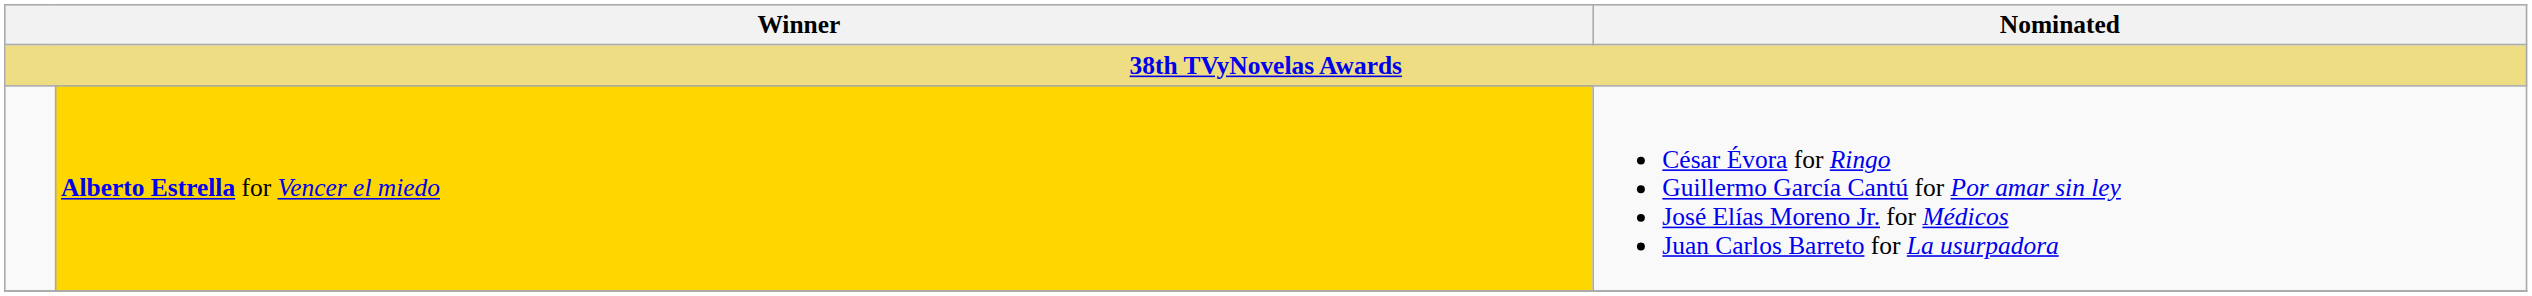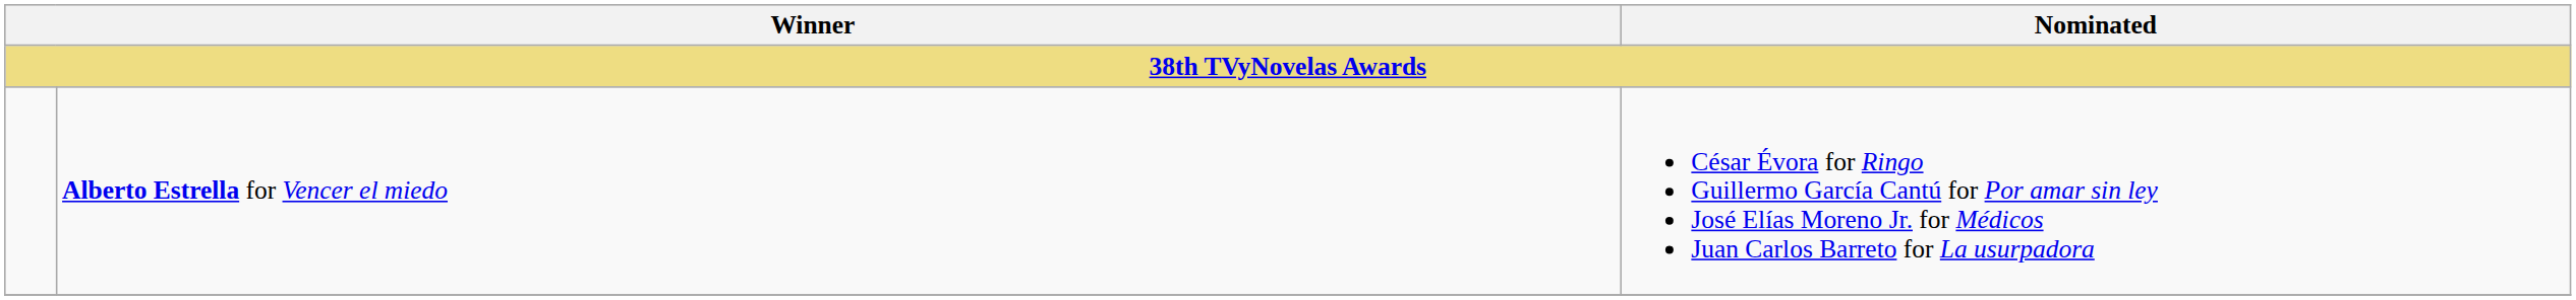 <table class="wikitable" width=80%>
 <tr align=center>
 <th width="150px;" colspan=2; align="center">Winner</th>
 <th width="580px;" align="center">Nominated</th>
 </tr>
 <tr>
 <th colspan=9 style="background:#EEDD82;"  align="center"><strong><a href='#'>38th TVyNovelas Awards</a></strong></th>
 </tr>
 <tr>
 <td width=2%></td>
-<td style="background: gold;"><strong><a href='#'>Alberto Estrella</a></strong> for <em><a href='#'>Vencer el miedo</a></em></td>
+<td><strong><a href='#'>Alberto Estrella</a></strong> for <em><a href='#'>Vencer el miedo</a></em></td>
 <td><br><ul><li><a href='#'>César Évora</a> for <em><a href='#'>Ringo</a></em></li><li><a href='#'>Guillermo García Cantú</a> for <em><a href='#'>Por amar sin ley</a></em></li><li><a href='#'>José Elías Moreno Jr.</a> for <em><a href='#'>Médicos</a></em></li><li><a href='#'>Juan Carlos Barreto</a> for <em><a href='#'>La usurpadora</a></em></li></ul></td>
 </tr>
 <tr>
 </tr>
 </table>
